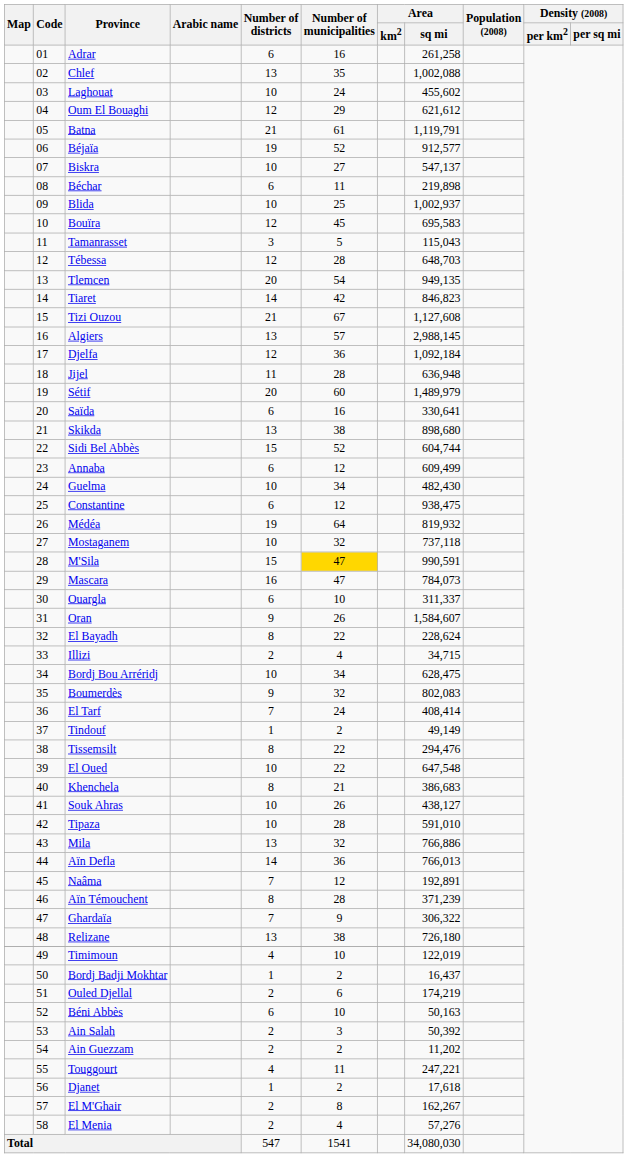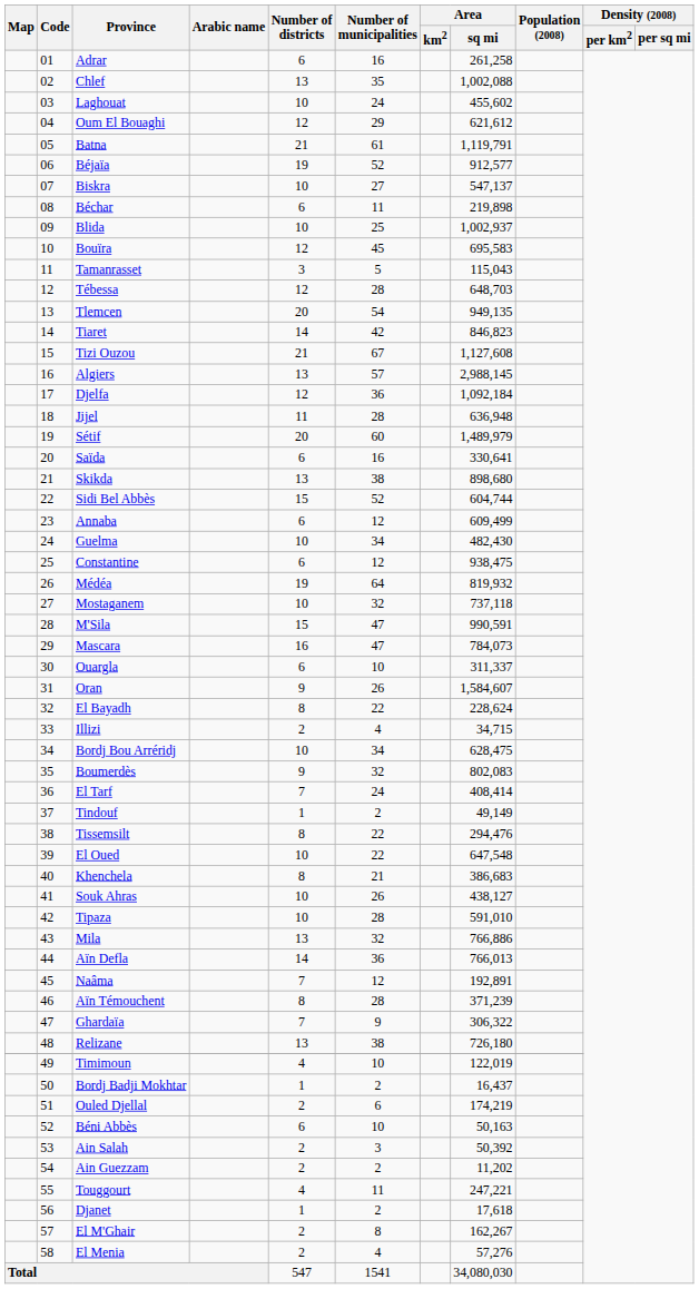 <table class="wikitable sortable">
 <tr>
 <th rowspan="2" scope="col">Map</th>
 <th rowspan="2" scope="col">Code</th>
 <th rowspan="2" scope="col">Province</th>
 <th rowspan="2" scope="col">Arabic name</th>
 <th rowspan="2" scope="col">Number of<br>districts</th>
 <th rowspan="2" scope="col">Number of<br>municipalities</th>
 <th colspan="2" scope="col">Area</th>
 <th rowspan="2" scope="col">Population<br><small>(2008)</small></th>
 <th colspan="2" scope="col">Density <small>(2008)</small></th>
 </tr>
 <tr>
 <th scope="col">km<sup>2</sup></th>
 <th scope="col">sq mi</th>
 <th scope="col">per km<sup>2</sup></th>
 <th scope="col">per sq mi</th>
 </tr>
 <tr --->
 <td></td>
 <td>01</td>
 <td><a href='#'>Adrar</a></td>
 <td style="text-align:right"></td>
 <td style="text-align:center">6</td>
 <td style="text-align:center">16</td>
 <td></td>
 <td style="text-align:right">261,258</td>
 <td></td>
 </tr>
 <tr --->
 <td></td>
 <td>02</td>
 <td><a href='#'>Chlef</a></td>
 <td style="text-align:right"></td>
 <td style="text-align:center">13</td>
 <td style="text-align:center">35</td>
 <td></td>
 <td style="text-align:right">1,002,088</td>
 <td></td>
 </tr>
 <tr --->
 <td></td>
 <td>03</td>
 <td><a href='#'>Laghouat</a></td>
 <td style="text-align:right"></td>
 <td style="text-align:center">10</td>
 <td style="text-align:center">24</td>
 <td></td>
 <td style="text-align:right">455,602</td>
 <td></td>
 </tr>
 <tr --->
 <td></td>
 <td>04</td>
 <td><a href='#'>Oum El Bouaghi</a></td>
 <td style="text-align:right"></td>
 <td style="text-align:center">12</td>
 <td style="text-align:center">29</td>
 <td></td>
 <td style="text-align:right">621,612</td>
 <td></td>
 </tr>
 <tr --->
 <td></td>
 <td>05</td>
 <td><a href='#'>Batna</a></td>
 <td style="text-align:right"></td>
 <td style="text-align:center">21</td>
 <td style="text-align:center">61</td>
 <td></td>
 <td style="text-align:right">1,119,791</td>
 <td></td>
 </tr>
 <tr --->
 <td></td>
 <td>06</td>
 <td><a href='#'>Béjaïa</a></td>
 <td style="text-align:right"></td>
 <td style="text-align:center">19</td>
 <td style="text-align:center">52</td>
 <td></td>
 <td style="text-align:right">912,577</td>
 <td></td>
 </tr>
 <tr --->
 <td></td>
 <td>07</td>
 <td><a href='#'>Biskra</a></td>
 <td style="text-align:right"></td>
 <td style="text-align:center">10</td>
 <td style="text-align:center">27</td>
 <td></td>
 <td style="text-align:right">547,137</td>
 <td></td>
 </tr>
 <tr --->
 <td></td>
 <td>08</td>
 <td><a href='#'>Béchar</a></td>
 <td style="text-align:right"></td>
 <td style="text-align:center">6</td>
 <td style="text-align:center">11</td>
 <td></td>
 <td style="text-align:right">219,898</td>
 <td></td>
 </tr>
 <tr --->
 <td></td>
 <td>09</td>
 <td><a href='#'>Blida</a></td>
 <td style="text-align:right"></td>
 <td style="text-align:center">10</td>
 <td style="text-align:center">25</td>
 <td></td>
 <td style="text-align:right">1,002,937</td>
 <td></td>
 </tr>
 <tr --->
 <td></td>
 <td>10</td>
 <td><a href='#'>Bouïra</a></td>
 <td style="text-align:right"></td>
 <td style="text-align:center">12</td>
 <td style="text-align:center">45</td>
 <td></td>
 <td style="text-align:right">695,583</td>
 <td></td>
 </tr>
 <tr --->
 <td></td>
 <td>11</td>
 <td><a href='#'>Tamanrasset</a></td>
 <td style="text-align:right"></td>
 <td style="text-align:center">3</td>
 <td style="text-align:center">5</td>
 <td></td>
 <td style="text-align:right">115,043</td>
 <td></td>
 </tr>
 <tr --->
 <td></td>
 <td>12</td>
 <td><a href='#'>Tébessa</a></td>
 <td style="text-align:right"></td>
 <td style="text-align:center">12</td>
 <td style="text-align:center">28</td>
 <td></td>
 <td style="text-align:right">648,703</td>
 <td></td>
 </tr>
 <tr --->
 <td></td>
 <td>13</td>
 <td><a href='#'>Tlemcen</a></td>
 <td style="text-align:right"></td>
 <td style="text-align:center">20</td>
 <td style="text-align:center">54</td>
 <td></td>
 <td style="text-align:right">949,135</td>
 <td></td>
 </tr>
 <tr --->
 <td></td>
 <td>14</td>
 <td><a href='#'>Tiaret</a></td>
 <td style="text-align:right"></td>
 <td style="text-align:center">14</td>
 <td style="text-align:center">42</td>
 <td></td>
 <td style="text-align:right">846,823</td>
 <td></td>
 </tr>
 <tr --->
 <td></td>
 <td>15</td>
 <td><a href='#'>Tizi Ouzou</a></td>
 <td style="text-align:right"></td>
 <td style="text-align:center">21</td>
 <td style="text-align:center">67</td>
 <td></td>
 <td style="text-align:right">1,127,608</td>
 <td></td>
 </tr>
 <tr --->
 <td></td>
 <td>16</td>
 <td><a href='#'>Algiers</a></td>
 <td style="text-align:right"></td>
 <td style="text-align:center">13</td>
 <td style="text-align:center">57</td>
 <td></td>
 <td style="text-align:right">2,988,145</td>
 <td></td>
 </tr>
 <tr --->
 <td></td>
 <td>17</td>
 <td><a href='#'>Djelfa</a></td>
 <td style="text-align:right"></td>
 <td style="text-align:center">12</td>
 <td style="text-align:center">36</td>
 <td></td>
 <td style="text-align:right">1,092,184</td>
 <td></td>
 </tr>
 <tr --->
 <td></td>
 <td>18</td>
 <td><a href='#'>Jijel</a></td>
 <td style="text-align:right"></td>
 <td style="text-align:center">11</td>
 <td style="text-align:center">28</td>
 <td></td>
 <td style="text-align:right">636,948</td>
 <td></td>
 </tr>
 <tr --->
 <td></td>
 <td>19</td>
 <td><a href='#'>Sétif</a></td>
 <td style="text-align:right"></td>
 <td style="text-align:center">20</td>
 <td style="text-align:center">60</td>
 <td></td>
 <td style="text-align:right">1,489,979</td>
 <td></td>
 </tr>
 <tr --->
 <td></td>
 <td>20</td>
 <td><a href='#'>Saïda</a></td>
 <td style="text-align:right"></td>
 <td style="text-align:center">6</td>
 <td style="text-align:center">16</td>
 <td></td>
 <td style="text-align:right">330,641</td>
 <td></td>
 </tr>
 <tr --->
 <td></td>
 <td>21</td>
 <td><a href='#'>Skikda</a></td>
 <td style="text-align:right"></td>
 <td style="text-align:center">13</td>
 <td style="text-align:center">38</td>
 <td></td>
 <td style="text-align:right">898,680</td>
 <td></td>
 </tr>
 <tr --->
 <td></td>
 <td>22</td>
 <td><a href='#'>Sidi Bel Abbès</a></td>
 <td style="text-align:right"></td>
 <td style="text-align:center">15</td>
 <td style="text-align:center">52</td>
 <td></td>
 <td style="text-align:right">604,744</td>
 <td></td>
 </tr>
 <tr --->
 <td></td>
 <td>23</td>
 <td><a href='#'>Annaba</a></td>
 <td style="text-align:right"></td>
 <td style="text-align:center">6</td>
 <td style="text-align:center">12</td>
 <td></td>
 <td style="text-align:right">609,499</td>
 <td></td>
 </tr>
 <tr --->
 <td></td>
 <td>24</td>
 <td><a href='#'>Guelma</a></td>
 <td style="text-align:right"></td>
 <td style="text-align:center">10</td>
 <td style="text-align:center">34</td>
 <td></td>
 <td style="text-align:right">482,430</td>
 <td></td>
 </tr>
 <tr --->
 <td></td>
 <td>25</td>
 <td><a href='#'>Constantine</a></td>
 <td style="text-align:right"></td>
 <td style="text-align:center">6</td>
 <td style="text-align:center">12</td>
 <td></td>
 <td style="text-align:right">938,475</td>
 <td></td>
 </tr>
 <tr --->
 <td></td>
 <td>26</td>
 <td><a href='#'>Médéa</a></td>
 <td style="text-align:right"></td>
 <td style="text-align:center">19</td>
 <td style="text-align:center">64</td>
 <td></td>
 <td style="text-align:right">819,932</td>
 <td></td>
 </tr>
 <tr --->
 <td></td>
 <td>27</td>
 <td><a href='#'>Mostaganem</a></td>
 <td style="text-align:right"></td>
 <td style="text-align:center">10</td>
 <td style="text-align:center">32</td>
 <td></td>
 <td style="text-align:right">737,118</td>
 <td></td>
 </tr>
 <tr --->
 <td></td>
 <td>28</td>
 <td><a href='#'>M'Sila</a></td>
 <td style="text-align:right"></td>
 <td style="text-align:center">15</td>
-<td style="background: gold; text-align:center">47</td>
+<td style="text-align:center">47</td>
 <td></td>
 <td style="text-align:right">990,591</td>
 <td></td>
 </tr>
 <tr --->
 <td></td>
 <td>29</td>
 <td><a href='#'>Mascara</a></td>
 <td style="text-align:right"></td>
 <td style="text-align:center">16</td>
 <td style="text-align:center">47</td>
 <td></td>
 <td style="text-align:right">784,073</td>
 <td></td>
 </tr>
 <tr --->
 <td></td>
 <td>30</td>
 <td><a href='#'>Ouargla</a></td>
 <td style="text-align:right"></td>
 <td style="text-align:center">6</td>
 <td style="text-align:center">10</td>
 <td></td>
 <td style="text-align:right">311,337</td>
 <td></td>
 </tr>
 <tr --->
 <td></td>
 <td>31</td>
 <td><a href='#'>Oran</a></td>
 <td style="text-align:right"></td>
 <td style="text-align:center">9</td>
 <td style="text-align:center">26</td>
 <td></td>
 <td style="text-align:right">1,584,607</td>
 <td></td>
 </tr>
 <tr --->
 <td></td>
 <td>32</td>
 <td><a href='#'>El Bayadh</a></td>
 <td style="text-align:right"></td>
 <td style="text-align:center">8</td>
 <td style="text-align:center">22</td>
 <td></td>
 <td style="text-align:right">228,624</td>
 <td></td>
 </tr>
 <tr --->
 <td></td>
 <td>33</td>
 <td><a href='#'>Illizi</a></td>
 <td style="text-align:right"></td>
 <td style="text-align:center">2</td>
 <td style="text-align:center">4</td>
 <td></td>
 <td style="text-align:right">34,715</td>
 <td></td>
 </tr>
 <tr --->
 <td></td>
 <td>34</td>
 <td><a href='#'>Bordj Bou Arréridj</a></td>
 <td style="text-align:right"></td>
 <td style="text-align:center">10</td>
 <td style="text-align:center">34</td>
 <td></td>
 <td style="text-align:right">628,475</td>
 <td></td>
 </tr>
 <tr --->
 <td></td>
 <td>35</td>
 <td><a href='#'>Boumerdès</a></td>
 <td style="text-align:right"></td>
 <td style="text-align:center">9</td>
 <td style="text-align:center">32</td>
 <td></td>
 <td style="text-align:right">802,083</td>
 <td></td>
 </tr>
 <tr --->
 <td></td>
 <td>36</td>
 <td><a href='#'>El Tarf</a></td>
 <td style="text-align:right"></td>
 <td style="text-align:center">7</td>
 <td style="text-align:center">24</td>
 <td></td>
 <td style="text-align:right">408,414</td>
 <td></td>
 </tr>
 <tr --->
 <td></td>
 <td>37</td>
 <td><a href='#'>Tindouf</a></td>
 <td style="text-align:right"></td>
 <td style="text-align:center">1</td>
 <td style="text-align:center">2</td>
 <td></td>
 <td style="text-align:right">49,149</td>
 <td></td>
 </tr>
 <tr --->
 <td></td>
 <td>38</td>
 <td><a href='#'>Tissemsilt</a></td>
 <td style="text-align:right"></td>
 <td style="text-align:center">8</td>
 <td style="text-align:center">22</td>
 <td></td>
 <td style="text-align:right">294,476</td>
 <td></td>
 </tr>
 <tr --->
 <td></td>
 <td>39</td>
 <td><a href='#'>El Oued</a></td>
 <td style="text-align:right"></td>
 <td style="text-align:center">10</td>
 <td style="text-align:center">22</td>
 <td></td>
 <td style="text-align:right">647,548</td>
 <td></td>
 </tr>
 <tr --->
 <td></td>
 <td>40</td>
 <td><a href='#'>Khenchela</a></td>
 <td style="text-align:right"></td>
 <td style="text-align:center">8</td>
 <td style="text-align:center">21</td>
 <td></td>
 <td style="text-align:right">386,683</td>
 <td></td>
 </tr>
 <tr --->
 <td></td>
 <td>41</td>
 <td><a href='#'>Souk Ahras</a></td>
 <td style="text-align:right"></td>
 <td style="text-align:center">10</td>
 <td style="text-align:center">26</td>
 <td></td>
 <td style="text-align:right">438,127</td>
 <td></td>
 </tr>
 <tr --->
 <td></td>
 <td>42</td>
 <td><a href='#'>Tipaza</a></td>
 <td style="text-align:right"></td>
 <td style="text-align:center">10</td>
 <td style="text-align:center">28</td>
 <td></td>
 <td style="text-align:right">591,010</td>
 <td></td>
 </tr>
 <tr --->
 <td></td>
 <td>43</td>
 <td><a href='#'>Mila</a></td>
 <td style="text-align:right"></td>
 <td style="text-align:center">13</td>
 <td style="text-align:center">32</td>
 <td></td>
 <td style="text-align:right">766,886</td>
 <td></td>
 </tr>
 <tr --->
 <td></td>
 <td>44</td>
 <td><a href='#'>Aïn Defla</a></td>
 <td style="text-align:right"></td>
 <td style="text-align:center">14</td>
 <td style="text-align:center">36</td>
 <td></td>
 <td style="text-align:right">766,013</td>
 <td></td>
 </tr>
 <tr --->
 <td></td>
 <td>45</td>
 <td><a href='#'>Naâma</a></td>
 <td style="text-align:right"></td>
 <td style="text-align:center">7</td>
 <td style="text-align:center">12</td>
 <td></td>
 <td style="text-align:right">192,891</td>
 <td></td>
 </tr>
 <tr --->
 <td></td>
 <td>46</td>
 <td><a href='#'>Aïn Témouchent</a></td>
 <td style="text-align:right"></td>
 <td style="text-align:center">8</td>
 <td style="text-align:center">28</td>
 <td></td>
 <td style="text-align:right">371,239</td>
 <td></td>
 </tr>
 <tr --->
 <td></td>
 <td>47</td>
 <td><a href='#'>Ghardaïa</a></td>
 <td style="text-align:right"></td>
 <td style="text-align:center">7</td>
 <td style="text-align:center">9</td>
 <td></td>
 <td style="text-align:right">306,322</td>
 <td></td>
 </tr>
 <tr --->
 <td></td>
 <td>48</td>
 <td><a href='#'>Relizane</a></td>
 <td style="text-align:right"></td>
 <td style="text-align:center">13</td>
 <td style="text-align:center">38</td>
 <td></td>
 <td style="text-align:right">726,180</td>
 <td></td>
 </tr>
 <tr class="sortbottom" style="background:#EEF">
 </tr>
 <tr --->
 <td></td>
 <td>49</td>
 <td><a href='#'>Timimoun</a></td>
 <td style="text-align:right"></td>
 <td style="text-align:center">4</td>
 <td style="text-align:center">10</td>
 <td></td>
 <td style="text-align:right">122,019</td>
 <td></td>
 </tr>
 <tr --->
 <td></td>
 <td>50</td>
 <td><a href='#'>Bordj Badji Mokhtar</a></td>
 <td style="text-align:right"></td>
 <td style="text-align:center">1</td>
 <td style="text-align:center">2</td>
 <td></td>
 <td style="text-align:right">16,437</td>
 <td></td>
 </tr>
 <tr --->
 <td></td>
 <td>51</td>
 <td><a href='#'>Ouled Djellal</a></td>
 <td style="text-align:right"></td>
 <td style="text-align:center">2</td>
 <td style="text-align:center">6</td>
 <td></td>
 <td style="text-align:right">174,219</td>
 <td></td>
 </tr>
 <tr --->
 <td></td>
 <td>52</td>
 <td><a href='#'>Béni Abbès</a></td>
 <td style="text-align:right"></td>
 <td style="text-align:center">6</td>
 <td style="text-align:center">10</td>
 <td></td>
 <td style="text-align:right">50,163</td>
 <td></td>
 </tr>
 <tr --->
 <td></td>
 <td>53</td>
 <td><a href='#'>Ain Salah</a></td>
 <td style="text-align:right"></td>
 <td style="text-align:center">2</td>
 <td style="text-align:center">3</td>
 <td></td>
 <td style="text-align:right">50,392</td>
 <td></td>
 </tr>
 <tr --->
 <td></td>
 <td>54</td>
 <td><a href='#'>Ain Guezzam</a></td>
 <td style="text-align:right"></td>
 <td style="text-align:center">2</td>
 <td style="text-align:center">2</td>
 <td></td>
 <td style="text-align:right">11,202</td>
 <td></td>
 </tr>
 <tr --->
 <td></td>
 <td>55</td>
 <td><a href='#'>Touggourt</a></td>
 <td style="text-align:right"></td>
 <td style="text-align:center">4</td>
 <td style="text-align:center">11</td>
 <td></td>
 <td style="text-align:right">247,221</td>
 <td></td>
 </tr>
 <tr --->
 <td></td>
 <td>56</td>
 <td><a href='#'>Djanet</a></td>
 <td style="text-align:right"></td>
 <td style="text-align:center">1</td>
 <td style="text-align:center">2</td>
 <td></td>
 <td style="text-align:right">17,618</td>
 <td></td>
 </tr>
 <tr --->
 <td></td>
 <td>57</td>
 <td><a href='#'>El M'Ghair</a></td>
 <td style="text-align:right"></td>
 <td style="text-align:center">2</td>
 <td style="text-align:center">8</td>
 <td></td>
 <td style="text-align:right">162,267</td>
 <td></td>
 </tr>
 <tr --->
 <td></td>
 <td>58</td>
 <td><a href='#'>El Menia</a></td>
 <td style="text-align:right"></td>
 <td style="text-align:center">2</td>
 <td style="text-align:center">4</td>
 <td></td>
 <td style="text-align:right">57,276</td>
 <td></td>
 </tr>
 <tr --->
 <th colspan="4" style="text-align:left">Total</th>
 <td style="text-align:center">547</td>
 <td style="text-align:center">1541</td>
 <td></td>
 <td style="text-align:right">34,080,030</td>
 <td></td>
 </tr>
 </table>
